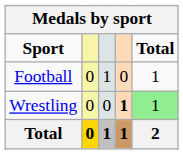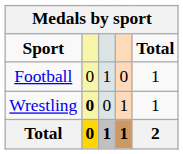 <table class="wikitable" style="font-size:85%; float:right;">
 <tr style="background:#efefef;">
 <th colspan=7><strong>Medals by sport</strong></th>
 </tr>
 <tr align=center>
 <td><strong>Sport</strong></td>
 <td style="background:#f7f6a8;"></td>
 <td style="background:#dce5e5;"></td>
 <td style="background:#ffdab9;"></td>
 <td><strong>Total</strong></td>
 </tr>
 <tr align=center>
 <td><a href='#'>Football</a></td>
 <td style="background:#f7f6a8;">0</td>
 <td style="background:#dce5e5;">1</td>
 <td style="background:#ffdab9;">0</td>
 <td>1</td>
 </tr>
 <tr align=center>
 <td><a href='#'>Wrestling</a></td>
-<td style="background:#f7f6a8;">0</td>
+<td style="background:#f7f6a8;"><strong>0</strong></td>
 <td style="background:#dce5e5;">0</td>
-<td style="background:#ffdab9;"><strong>1</strong></td>
-<td style="background: lightgreen;">1</td>
+<td style="background:#ffdab9;">1</td>
+<td>1</td>
 </tr>
 <tr align=center>
 <th><strong>Total</strong></th>
 <th style="background:gold;"><strong>0</strong></th>
 <th style="background:silver;"><strong>1</strong></th>
 <th style="background:#c96;"><strong>1</strong></th>
 <th><strong>2</strong></th>
 </tr>
 </table>
